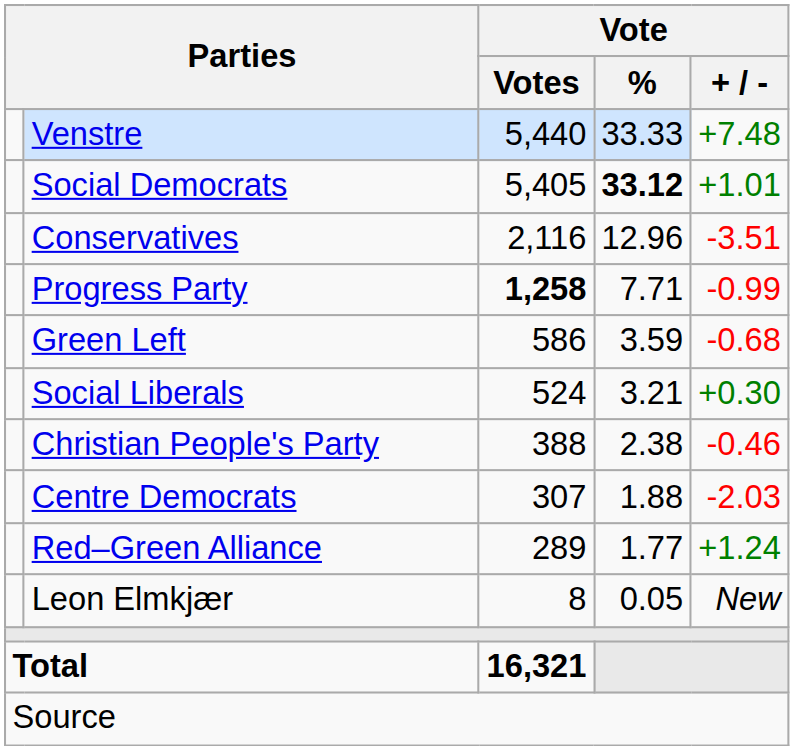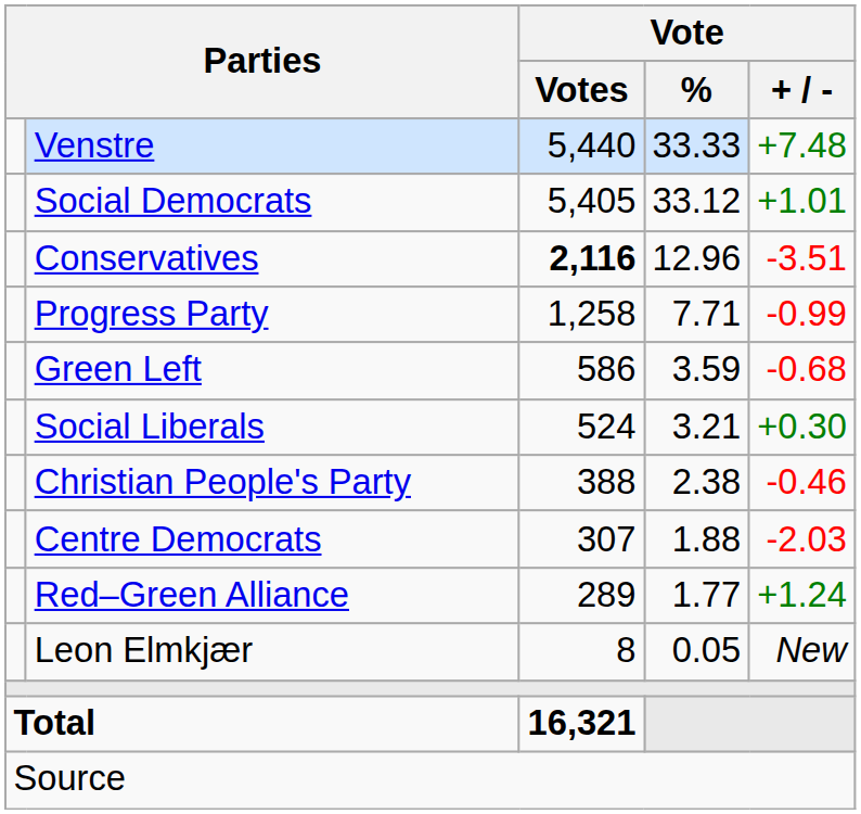 <table class="wikitable" style="text-align:right;">
 <tr>
 <th style="text-align:centre;" rowspan="2" colspan="2" width="225">Parties</th>
 <th colspan="3">Vote</th>
 </tr>
 <tr>
 <th width="15">Votes</th>
 <th width="15">%</th>
 <th width="15">+ / -</th>
 </tr>
 <tr>
 <td width="2" style="color:inherit;background:"></td>
 <td bgcolor=#cfe5fe  align="left"><a href='#'>Venstre</a></td>
 <td bgcolor=#cfe5fe>5,440</td>
 <td bgcolor=#cfe5fe>33.33</td>
 <td style=color:green;>+7.48</td>
 </tr>
 <tr>
 <td width="2" style="color:inherit;background:"></td>
 <td align="left"><a href='#'>Social Democrats</a></td>
 <td>5,405</td>
-<td><strong>33.12</strong></td>
+<td>33.12</td>
 <td style=color:green;>+1.01</td>
 </tr>
 <tr>
 <td width="2" style="color:inherit;background:"></td>
 <td align="left"><a href='#'>Conservatives</a></td>
-<td>2,116</td>
+<td><strong>2,116</strong></td>
 <td>12.96</td>
 <td style=color:red;>-3.51</td>
 </tr>
 <tr>
 <td width="2" style="color:inherit;background:"></td>
 <td align="left"><a href='#'>Progress Party</a></td>
-<td><strong>1,258</strong></td>
+<td>1,258</td>
 <td>7.71</td>
 <td style=color:red;>-0.99</td>
 </tr>
 <tr>
 <td width="2" style="color:inherit;background:"></td>
 <td align="left"><a href='#'>Green Left</a></td>
 <td>586</td>
 <td>3.59</td>
 <td style=color:red;>-0.68</td>
 </tr>
 <tr>
 <td width="2" style="color:inherit;background:"></td>
 <td align="left"><a href='#'>Social Liberals</a></td>
 <td>524</td>
 <td>3.21</td>
 <td style=color:green;>+0.30</td>
 </tr>
 <tr>
 <td width="2" style="color:inherit;background:"></td>
 <td align="left"><a href='#'>Christian People's Party</a></td>
 <td>388</td>
 <td>2.38</td>
 <td style=color:red;>-0.46</td>
 </tr>
 <tr>
 <td width="2" style="color:inherit;background:"></td>
 <td align="left"><a href='#'>Centre Democrats</a></td>
 <td>307</td>
 <td>1.88</td>
 <td style=color:red;>-2.03</td>
 </tr>
 <tr>
 <td width="2" style="color:inherit;background:"></td>
 <td align="left"><a href='#'>Red–Green Alliance</a></td>
 <td>289</td>
 <td>1.77</td>
 <td style=color:green;>+1.24</td>
 </tr>
 <tr>
 <td width="2" style="color:inherit;background:"></td>
 <td align="left">Leon Elmkjær</td>
 <td>8</td>
 <td>0.05</td>
 <td><em>New</em></td>
 </tr>
 <tr>
 <td colspan="7" bgcolor="#E9E9E9"></td>
 </tr>
 <tr>
 <td align="left" colspan="2"><strong>Total</strong></td>
 <td><strong>16,321</strong></td>
 <td bgcolor="#E9E9E9" colspan="2"></td>
 </tr>
 <tr>
 <td align="left" colspan="6">Source</td>
 </tr>
 </table>
